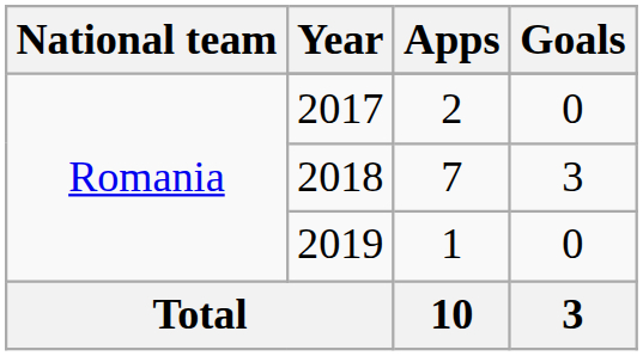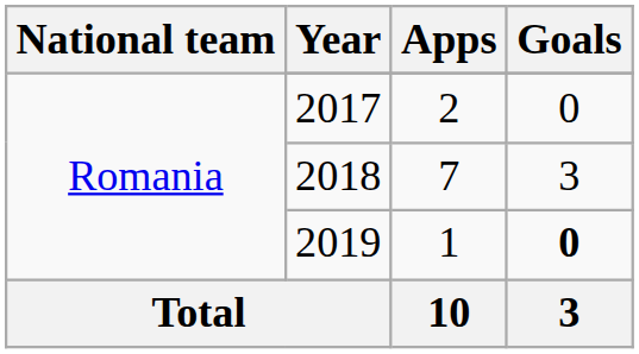 <table class="wikitable" style="text-align: center;">
 <tr>
 <th>National team</th>
 <th>Year</th>
 <th>Apps</th>
 <th>Goals</th>
 </tr>
 <tr>
 <td rowspan="4"><a href='#'>Romania</a></td>
 </tr>
 <tr>
 <td>2017</td>
 <td>2</td>
 <td>0</td>
 </tr>
 <tr>
 <td>2018</td>
 <td>7</td>
 <td>3</td>
 </tr>
 <tr>
 <td>2019</td>
 <td>1</td>
-<td>0</td>
+<td><strong>0</strong></td>
 </tr>
 <tr>
 <th colspan=2>Total</th>
 <th>10</th>
 <th>3</th>
 </tr>
 </table>
